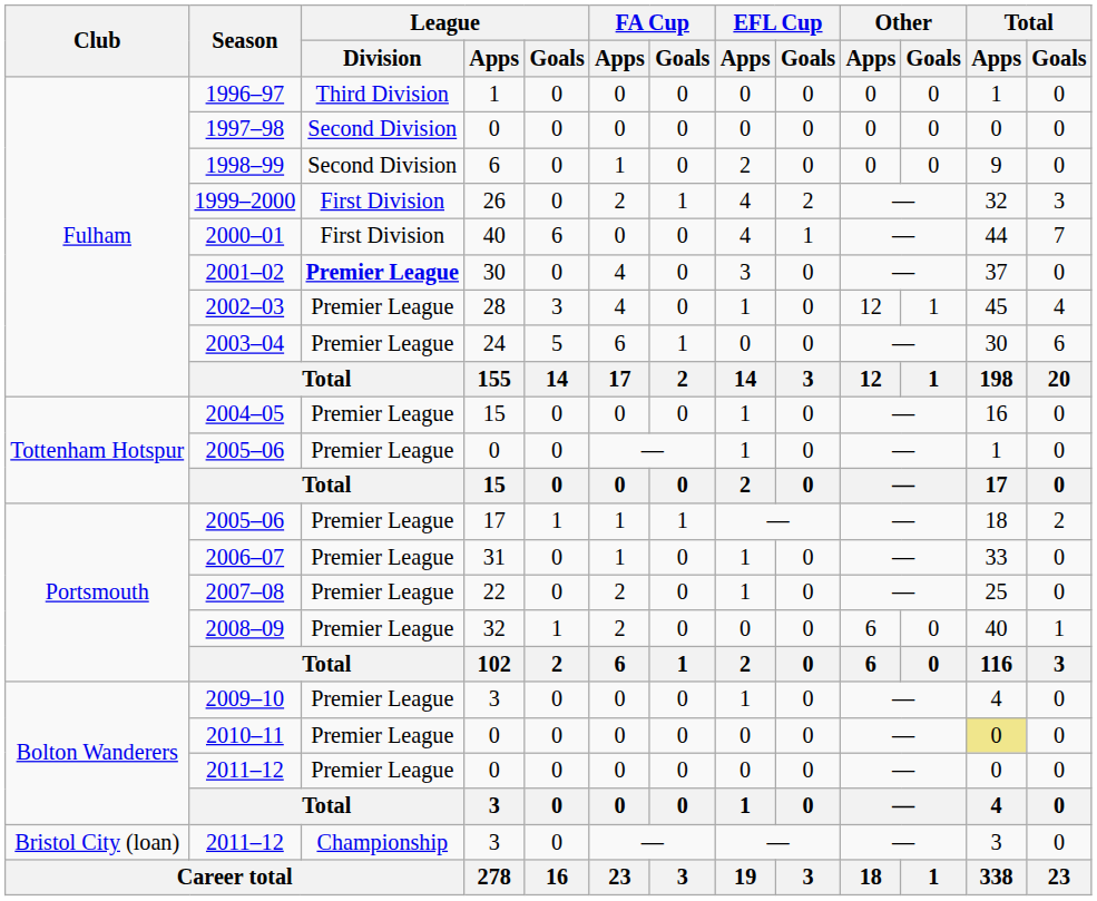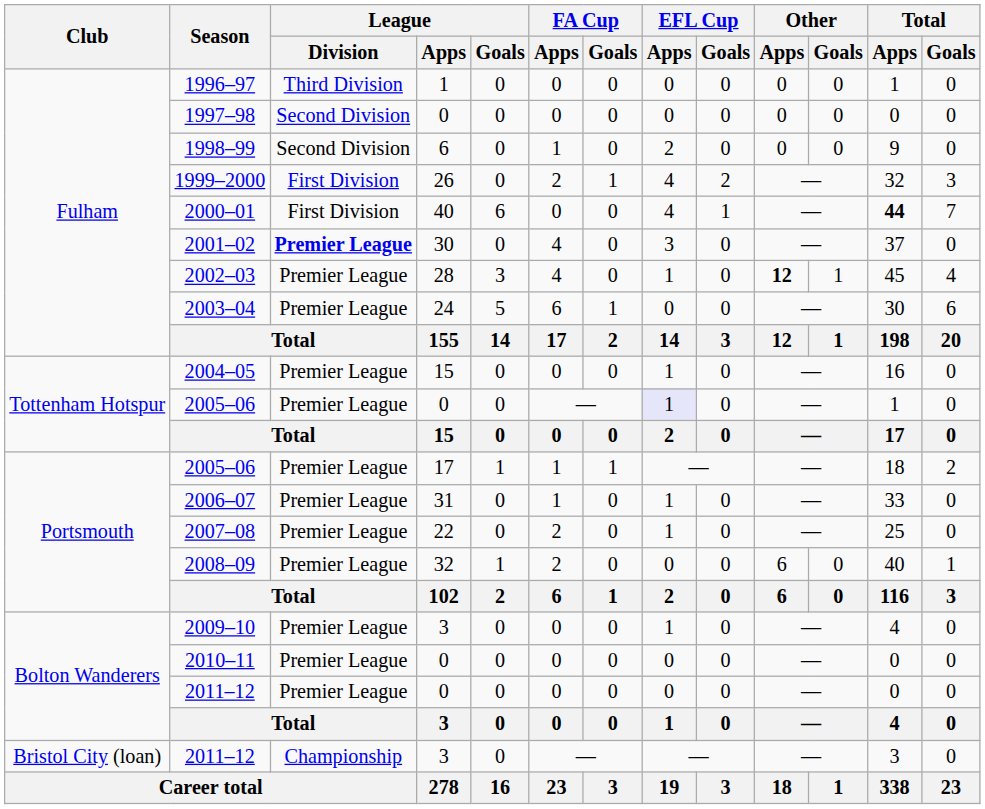 <table class="wikitable" style="text-align:center">
 <tr>
 <th rowspan="2">Club</th>
 <th rowspan="2">Season</th>
 <th colspan="3">League</th>
 <th colspan="2"><a href='#'>FA Cup</a></th>
 <th colspan="2"><a href='#'>EFL Cup</a></th>
 <th colspan="2">Other</th>
 <th colspan="2">Total</th>
 </tr>
 <tr>
 <th>Division</th>
 <th>Apps</th>
 <th>Goals</th>
 <th>Apps</th>
 <th>Goals</th>
 <th>Apps</th>
 <th>Goals</th>
 <th>Apps</th>
 <th>Goals</th>
 <th>Apps</th>
 <th>Goals</th>
 </tr>
 <tr>
 <td rowspan="9"><a href='#'>Fulham</a></td>
 <td><a href='#'>1996–97</a></td>
 <td><a href='#'>Third Division</a></td>
 <td>1</td>
 <td>0</td>
 <td>0</td>
 <td>0</td>
 <td>0</td>
 <td>0</td>
 <td>0</td>
 <td>0</td>
 <td>1</td>
 <td>0</td>
 </tr>
 <tr>
 <td><a href='#'>1997–98</a></td>
 <td><a href='#'>Second Division</a></td>
 <td>0</td>
 <td>0</td>
 <td>0</td>
 <td>0</td>
 <td>0</td>
 <td>0</td>
 <td>0</td>
 <td>0</td>
 <td>0</td>
 <td>0</td>
 </tr>
 <tr>
 <td><a href='#'>1998–99</a></td>
 <td>Second Division</td>
 <td>6</td>
 <td>0</td>
 <td>1</td>
 <td>0</td>
 <td>2</td>
 <td>0</td>
 <td>0</td>
 <td>0</td>
 <td>9</td>
 <td>0</td>
 </tr>
 <tr>
 <td><a href='#'>1999–2000</a></td>
 <td><a href='#'>First Division</a></td>
 <td>26</td>
 <td>0</td>
 <td>2</td>
 <td>1</td>
 <td>4</td>
 <td>2</td>
 <td colspan="2">—</td>
 <td>32</td>
 <td>3</td>
 </tr>
 <tr>
 <td><a href='#'>2000–01</a></td>
 <td>First Division</td>
 <td>40</td>
 <td>6</td>
 <td>0</td>
 <td>0</td>
 <td>4</td>
 <td>1</td>
 <td colspan="2">—</td>
-<td>44</td>
+<td><strong>44</strong></td>
 <td>7</td>
 </tr>
 <tr>
 <td><a href='#'>2001–02</a></td>
 <td><strong><a href='#'>Premier League</a></strong></td>
 <td>30</td>
 <td>0</td>
 <td>4</td>
 <td>0</td>
 <td>3</td>
 <td>0</td>
 <td colspan="2">—</td>
 <td>37</td>
 <td>0</td>
 </tr>
 <tr>
 <td><a href='#'>2002–03</a></td>
 <td>Premier League</td>
 <td>28</td>
 <td>3</td>
 <td>4</td>
 <td>0</td>
 <td>1</td>
 <td>0</td>
-<td>12</td>
+<td><strong>12</strong></td>
 <td>1</td>
 <td>45</td>
 <td>4</td>
 </tr>
 <tr>
 <td><a href='#'>2003–04</a></td>
 <td>Premier League</td>
 <td>24</td>
 <td>5</td>
 <td>6</td>
 <td>1</td>
 <td>0</td>
 <td>0</td>
 <td colspan="2">—</td>
 <td>30</td>
 <td>6</td>
 </tr>
 <tr>
 <th colspan="2">Total</th>
 <th>155</th>
 <th>14</th>
 <th>17</th>
 <th>2</th>
 <th>14</th>
 <th>3</th>
 <th>12</th>
 <th>1</th>
 <th>198</th>
 <th>20</th>
 </tr>
 <tr>
 <td rowspan="3"><a href='#'>Tottenham Hotspur</a></td>
 <td><a href='#'>2004–05</a></td>
 <td>Premier League</td>
 <td>15</td>
 <td>0</td>
 <td>0</td>
 <td>0</td>
 <td>1</td>
 <td>0</td>
 <td colspan="2">—</td>
 <td>16</td>
 <td>0</td>
 </tr>
 <tr>
 <td><a href='#'>2005–06</a></td>
 <td>Premier League</td>
 <td>0</td>
 <td>0</td>
 <td colspan="2">—</td>
-<td>1</td>
+<td style="background: lavender;">1</td>
 <td>0</td>
 <td colspan="2">—</td>
 <td>1</td>
 <td>0</td>
 </tr>
 <tr>
 <th colspan="2">Total</th>
 <th>15</th>
 <th>0</th>
 <th>0</th>
 <th>0</th>
 <th>2</th>
 <th>0</th>
 <th colspan="2">—</th>
 <th>17</th>
 <th>0</th>
 </tr>
 <tr>
 <td rowspan="5"><a href='#'>Portsmouth</a></td>
 <td><a href='#'>2005–06</a></td>
 <td>Premier League</td>
 <td>17</td>
 <td>1</td>
 <td>1</td>
 <td>1</td>
 <td colspan="2">—</td>
 <td colspan="2">—</td>
 <td>18</td>
 <td>2</td>
 </tr>
 <tr>
 <td><a href='#'>2006–07</a></td>
 <td>Premier League</td>
 <td>31</td>
 <td>0</td>
 <td>1</td>
 <td>0</td>
 <td>1</td>
 <td>0</td>
 <td colspan="2">—</td>
 <td>33</td>
 <td>0</td>
 </tr>
 <tr>
 <td><a href='#'>2007–08</a></td>
 <td>Premier League</td>
 <td>22</td>
 <td>0</td>
 <td>2</td>
 <td>0</td>
 <td>1</td>
 <td>0</td>
 <td colspan="2">—</td>
 <td>25</td>
 <td>0</td>
 </tr>
 <tr>
 <td><a href='#'>2008–09</a></td>
 <td>Premier League</td>
 <td>32</td>
 <td>1</td>
 <td>2</td>
 <td>0</td>
 <td>0</td>
 <td>0</td>
 <td>6</td>
 <td>0</td>
 <td>40</td>
 <td>1</td>
 </tr>
 <tr>
 <th colspan="2">Total</th>
 <th>102</th>
 <th>2</th>
 <th>6</th>
 <th>1</th>
 <th>2</th>
 <th>0</th>
 <th>6</th>
 <th>0</th>
 <th>116</th>
 <th>3</th>
 </tr>
 <tr>
 <td rowspan="4"><a href='#'>Bolton Wanderers</a></td>
 <td><a href='#'>2009–10</a></td>
 <td>Premier League</td>
 <td>3</td>
 <td>0</td>
 <td>0</td>
 <td>0</td>
 <td>1</td>
 <td>0</td>
 <td colspan="2">—</td>
 <td>4</td>
 <td>0</td>
 </tr>
 <tr>
 <td><a href='#'>2010–11</a></td>
 <td>Premier League</td>
 <td>0</td>
 <td>0</td>
 <td>0</td>
 <td>0</td>
 <td>0</td>
 <td>0</td>
 <td colspan="2">—</td>
-<td style="background: khaki;">0</td>
+<td>0</td>
 <td>0</td>
 </tr>
 <tr>
 <td><a href='#'>2011–12</a></td>
 <td>Premier League</td>
 <td>0</td>
 <td>0</td>
 <td>0</td>
 <td>0</td>
 <td>0</td>
 <td>0</td>
 <td colspan="2">—</td>
 <td>0</td>
 <td>0</td>
 </tr>
 <tr>
 <th colspan="2">Total</th>
 <th>3</th>
 <th>0</th>
 <th>0</th>
 <th>0</th>
 <th>1</th>
 <th>0</th>
 <th colspan="2">—</th>
 <th>4</th>
 <th>0</th>
 </tr>
 <tr>
 <td><a href='#'>Bristol City</a> (loan)</td>
 <td><a href='#'>2011–12</a></td>
 <td><a href='#'>Championship</a></td>
 <td>3</td>
 <td>0</td>
 <td colspan="2">—</td>
 <td colspan="2">—</td>
 <td colspan="2">—</td>
 <td>3</td>
 <td>0</td>
 </tr>
 <tr>
 <th colspan="3">Career total</th>
 <th>278</th>
 <th>16</th>
 <th>23</th>
 <th>3</th>
 <th>19</th>
 <th>3</th>
 <th>18</th>
 <th>1</th>
 <th>338</th>
 <th>23</th>
 </tr>
 </table>
